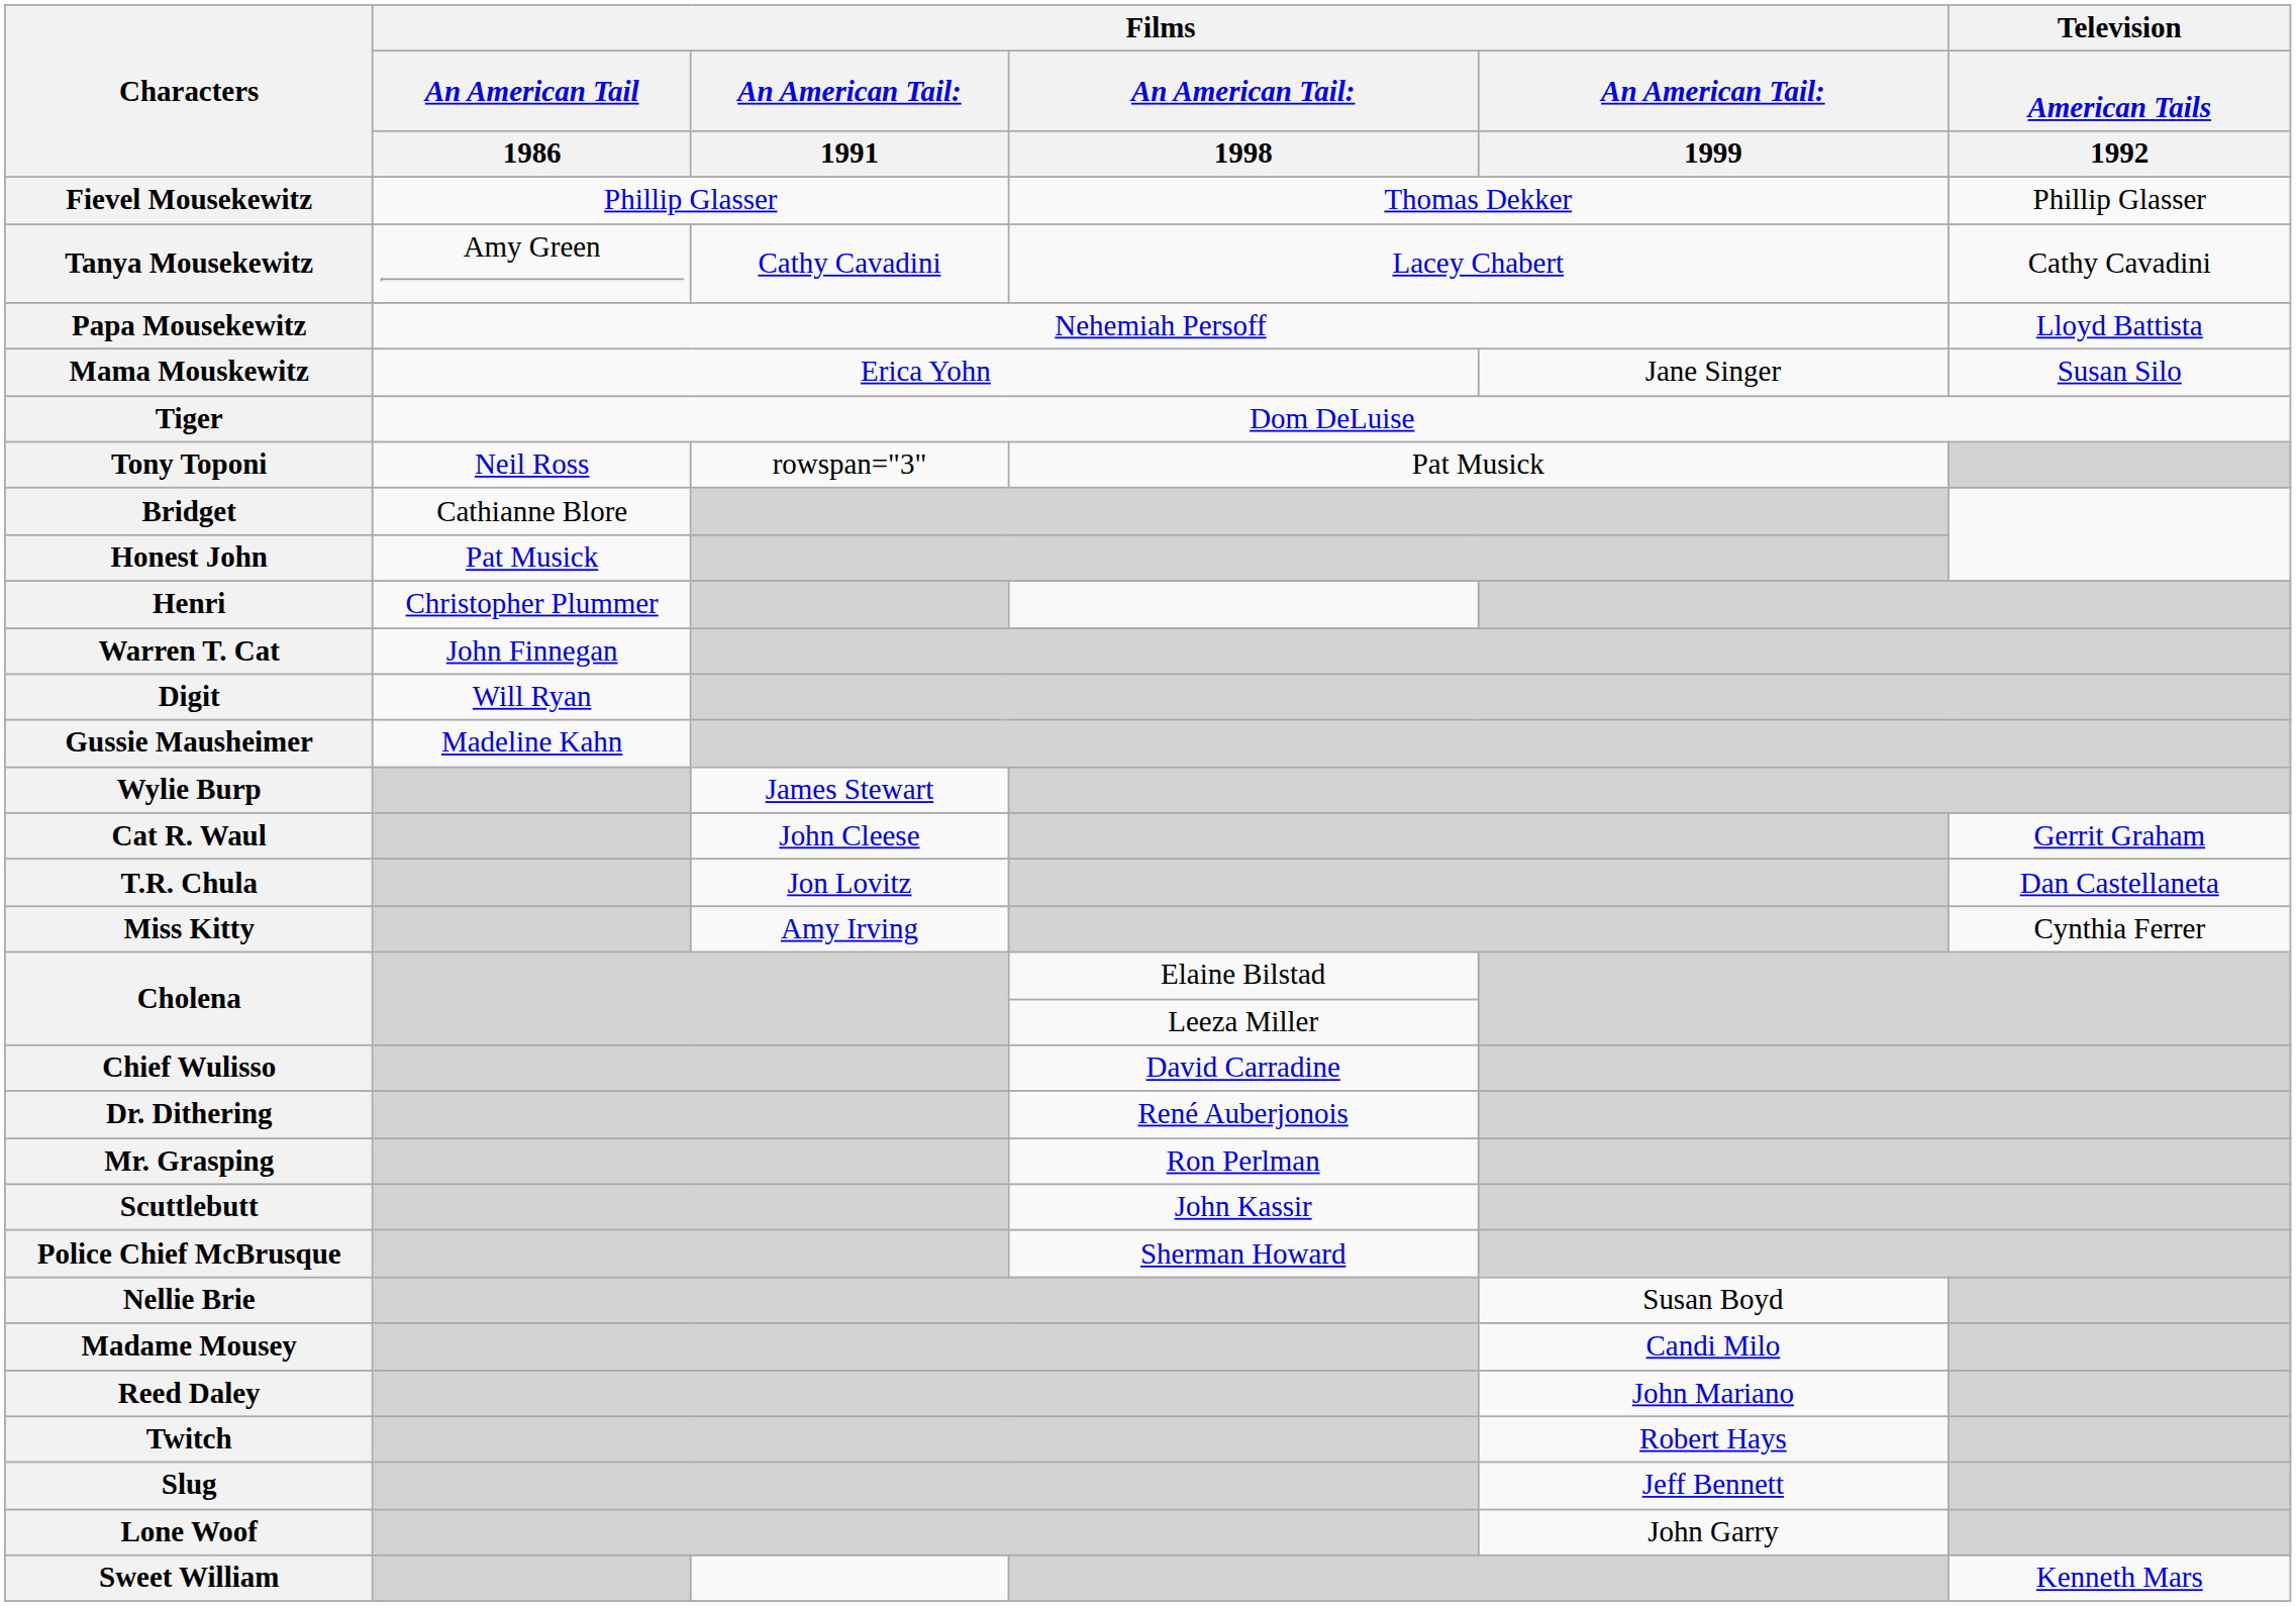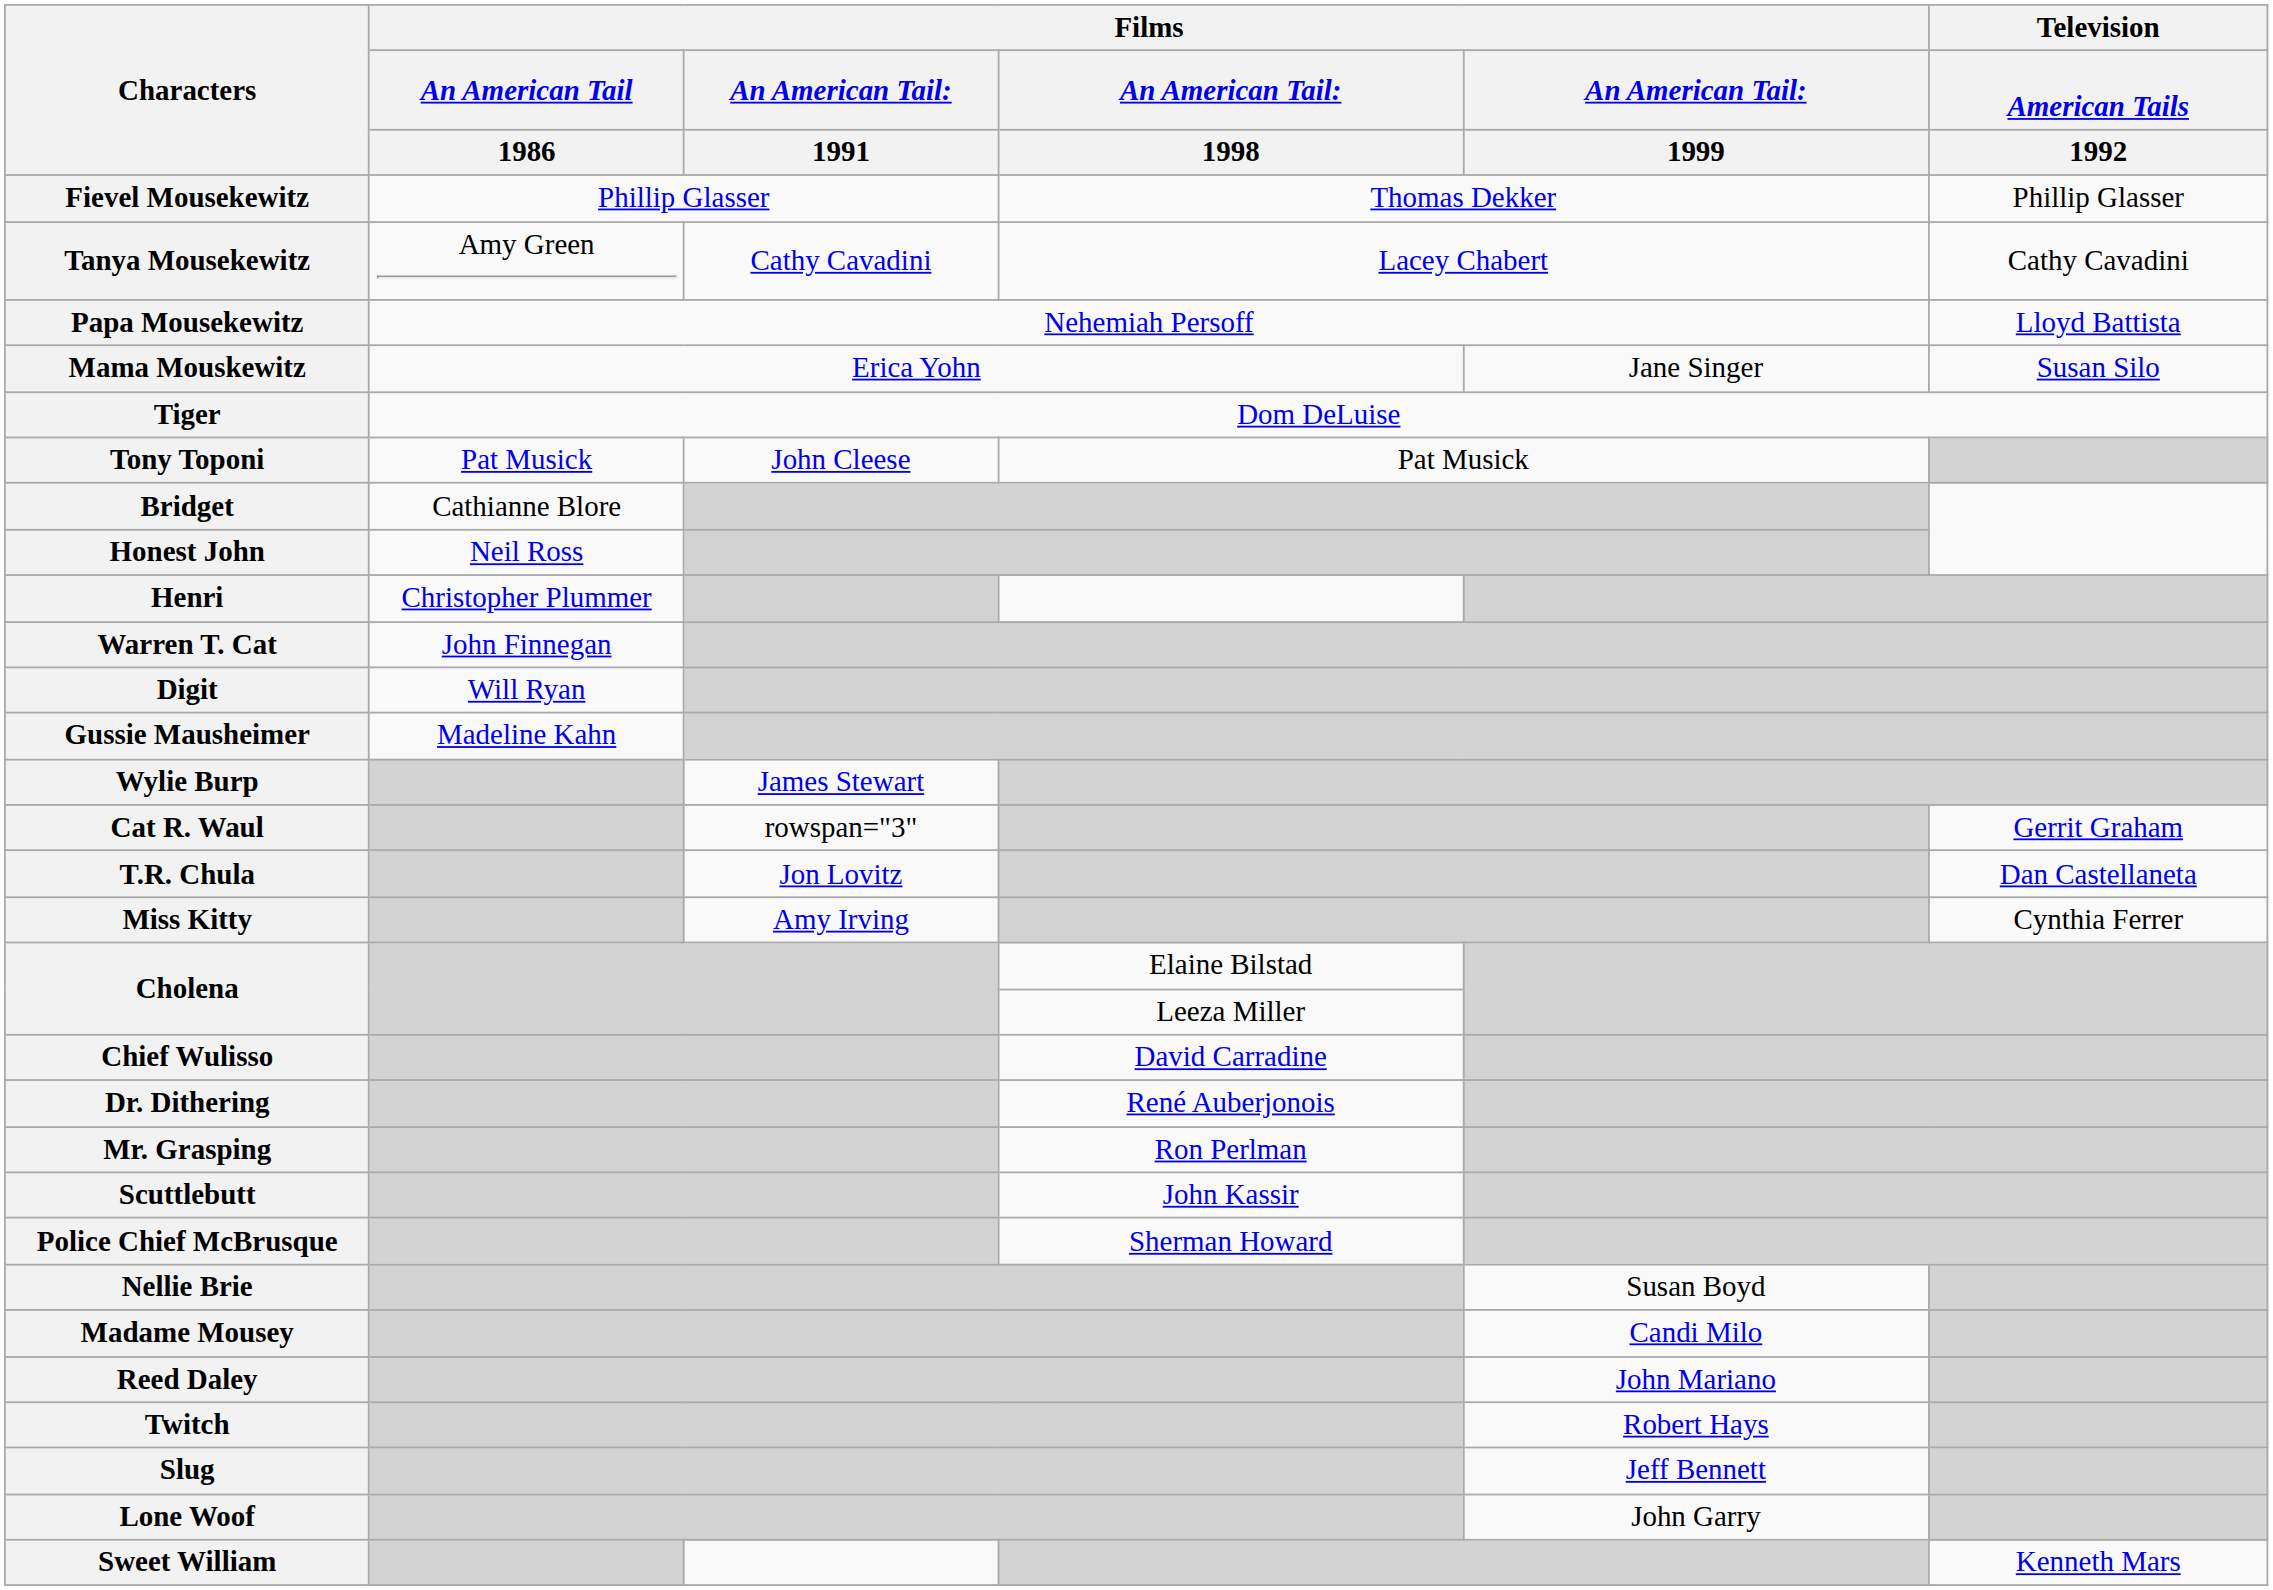 <table class="wikitable" style="text-align:center; width:99%;">
 <tr>
 <th rowspan="3" style="width:14.5%;">Characters</th>
 <th colspan="4" style="text-align:center;">Films</th>
 <th style="text-align:center;">Television</th>
 </tr>
 <tr>
 <th style="text-align:center; width:12.5%;"><em><a href='#'>An American Tail</a></em></th>
 <th style="text-align:center; width:12.5%;"><em><a href='#'>An American Tail:<br></a></em></th>
 <th style="text-align:center; width:18.5%;"><em><a href='#'>An American Tail:<br></a></em></th>
 <th style="text-align:center; width:18.5%;"><em><a href='#'>An American Tail:<br></a></em></th>
 <th style="text-align:center; width:13.5%;"><em><a href='#'><br>American Tails</a></em></th>
 </tr>
 <tr>
 <th>1986</th>
 <th>1991</th>
 <th>1998</th>
 <th>1999</th>
 <th>1992</th>
 </tr>
 <tr>
 <th>Fievel Mousekewitz</th>
 <td colspan="2"><a href='#'>Phillip Glasser</a></td>
 <td colspan="2"><a href='#'>Thomas Dekker</a></td>
 <td>Phillip Glasser</td>
 </tr>
 <tr>
 <th>Tanya Mousekewitz</th>
 <td>Amy Green <hr></td>
 <td><a href='#'>Cathy Cavadini</a></td>
 <td colspan="2"><a href='#'>Lacey Chabert</a></td>
 <td>Cathy Cavadini</td>
 </tr>
 <tr>
 <th>Papa Mousekewitz</th>
 <td colspan="4"><a href='#'>Nehemiah Persoff</a></td>
 <td><a href='#'>Lloyd Battista</a></td>
 </tr>
 <tr>
 <th>Mama Mouskewitz</th>
 <td colspan="3"><a href='#'>Erica Yohn</a></td>
 <td>Jane Singer</td>
 <td><a href='#'>Susan Silo</a></td>
 </tr>
 <tr>
 <th>Tiger</th>
 <td colspan="5"><a href='#'>Dom DeLuise</a></td>
 </tr>
 <tr>
 <th>Tony Toponi</th>
-<td><a href='#'>Neil Ross</a></td>
-<td>rowspan="3" </td>
+<td><a href='#'>Pat Musick</a></td>
+<td><a href='#'>John Cleese</a></td>
 <td colspan="2">Pat Musick</td>
 <td style="background:lightgrey;"></td>
 </tr>
 <tr>
 <th>Bridget</th>
 <td>Cathianne Blore</td>
 <td colspan="3" style="background:lightgrey;"></td>
 </tr>
 <tr>
 <th>Honest John</th>
-<td><a href='#'>Pat Musick</a></td>
+<td><a href='#'>Neil Ross</a></td>
 <td colspan="3" style="background:lightgrey;"></td>
 </tr>
 <tr>
 <th>Henri</th>
 <td><a href='#'>Christopher Plummer</a></td>
 <td style="background:lightgrey;"></td>
 <td></td>
 <td colspan="2" style="background:lightgrey;"></td>
 </tr>
 <tr>
 <th>Warren T. Cat</th>
 <td><a href='#'>John Finnegan</a></td>
 <td colspan="4" style="background:lightgrey;"></td>
 </tr>
 <tr>
 <th>Digit</th>
 <td><a href='#'>Will Ryan</a></td>
 <td colspan="4" style="background:lightgrey;"></td>
 </tr>
 <tr>
 <th>Gussie Mausheimer</th>
 <td><a href='#'>Madeline Kahn</a></td>
 <td colspan="4" style="background:lightgrey;"></td>
 </tr>
 <tr>
 <th>Wylie Burp</th>
 <td style="background:lightgrey;"></td>
 <td><a href='#'>James Stewart</a></td>
 <td colspan="3" style="background:lightgrey;"></td>
 </tr>
 <tr>
 <th>Cat R. Waul</th>
 <td style="background:lightgrey;"></td>
-<td><a href='#'>John Cleese</a></td>
+<td>rowspan="3" </td>
 <td colspan="2" style="background:lightgrey;"></td>
 <td><a href='#'>Gerrit Graham</a></td>
 </tr>
 <tr>
 <th>T.R. Chula</th>
 <td style="background:lightgrey;"></td>
 <td><a href='#'>Jon Lovitz</a></td>
 <td colspan="2" style="background:lightgrey;"></td>
 <td><a href='#'>Dan Castellaneta</a></td>
 </tr>
 <tr>
 <th>Miss Kitty</th>
 <td style="background:lightgrey;"></td>
 <td><a href='#'>Amy Irving</a></td>
 <td colspan="2" style="background:lightgrey;"></td>
 <td>Cynthia Ferrer</td>
 </tr>
 <tr>
 <th rowspan="2">Cholena</th>
 <td rowspan="2" colspan="2" style="background:lightgrey;"></td>
 <td>Elaine Bilstad</td>
 <td rowspan="2" colspan="2" style="background:lightgrey;"></td>
 </tr>
 <tr>
 <td>Leeza Miller</td>
 </tr>
 <tr>
 <th>Chief Wulisso</th>
 <td colspan="2" style="background:lightgrey;"></td>
 <td><a href='#'>David Carradine</a></td>
 <td colspan="2" style="background:lightgrey;"></td>
 </tr>
 <tr>
 <th>Dr. Dithering</th>
 <td colspan="2" style="background:lightgrey;"></td>
 <td><a href='#'>René Auberjonois</a></td>
 <td colspan="2" style="background:lightgrey;"></td>
 </tr>
 <tr>
 <th>Mr. Grasping</th>
 <td colspan="2" style="background:lightgrey;"></td>
 <td><a href='#'>Ron Perlman</a></td>
 <td colspan="2" style="background:lightgrey;"></td>
 </tr>
 <tr>
 <th>Scuttlebutt</th>
 <td colspan="2" style="background:lightgrey;"></td>
 <td><a href='#'>John Kassir</a></td>
 <td colspan="2" style="background:lightgrey;"></td>
 </tr>
 <tr>
 <th>Police Chief McBrusque</th>
 <td colspan="2" style="background:lightgrey;"></td>
 <td><a href='#'>Sherman Howard</a></td>
 <td colspan="2" style="background:lightgrey;"></td>
 </tr>
 <tr>
 <th>Nellie Brie</th>
 <td colspan="3" style="background:lightgrey;"></td>
 <td>Susan Boyd</td>
 <td style="background:lightgrey;"></td>
 </tr>
 <tr>
 <th>Madame Mousey</th>
 <td colspan="3" style="background:lightgrey;"></td>
 <td><a href='#'>Candi Milo</a></td>
 <td style="background:lightgrey;"></td>
 </tr>
 <tr>
 <th>Reed Daley</th>
 <td colspan="3" style="background:lightgrey;"></td>
 <td><a href='#'>John Mariano</a></td>
 <td style="background:lightgrey;"></td>
 </tr>
 <tr>
 <th>Twitch</th>
 <td colspan="3" style="background:lightgrey;"></td>
 <td><a href='#'>Robert Hays</a></td>
 <td style="background:lightgrey;"></td>
 </tr>
 <tr>
 <th>Slug</th>
 <td colspan="3" style="background:lightgrey;"></td>
 <td><a href='#'>Jeff Bennett</a></td>
 <td style="background:lightgrey;"></td>
 </tr>
 <tr>
 <th>Lone Woof</th>
 <td colspan="3" style="background:lightgrey;"></td>
 <td>John Garry</td>
 <td style="background:lightgrey;"></td>
 </tr>
 <tr>
 <th>Sweet William</th>
 <td style="background:lightgrey;"></td>
 <td></td>
 <td colspan="2" style="background:lightgrey;"></td>
 <td><a href='#'>Kenneth Mars</a></td>
 </tr>
 </table>
